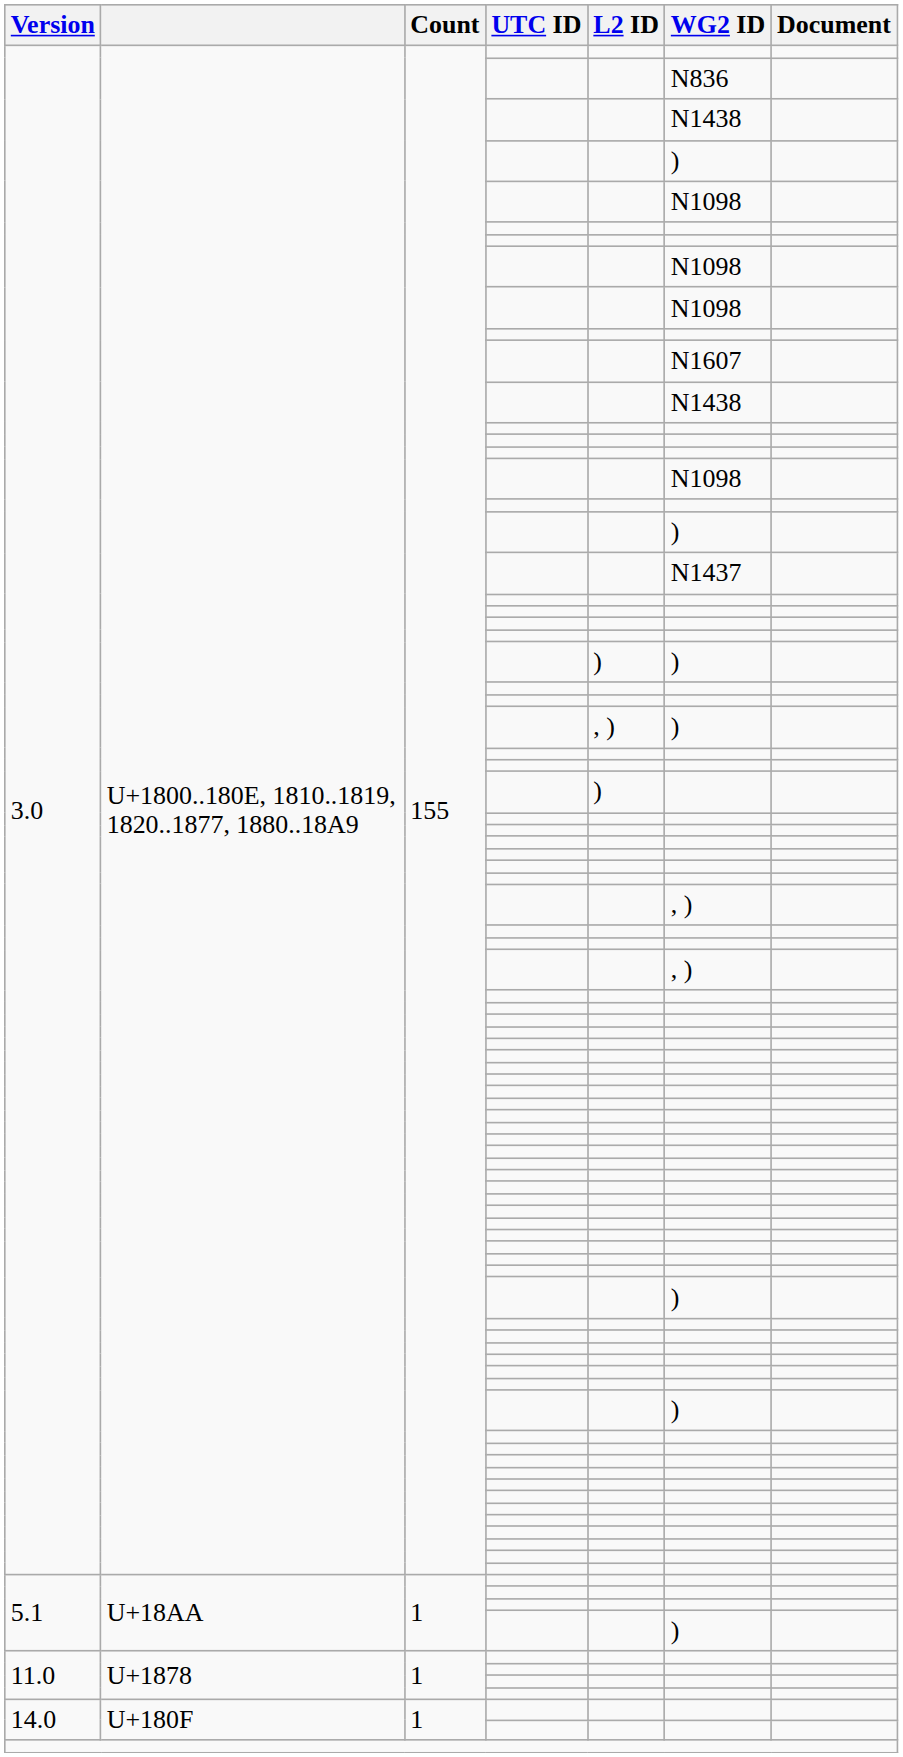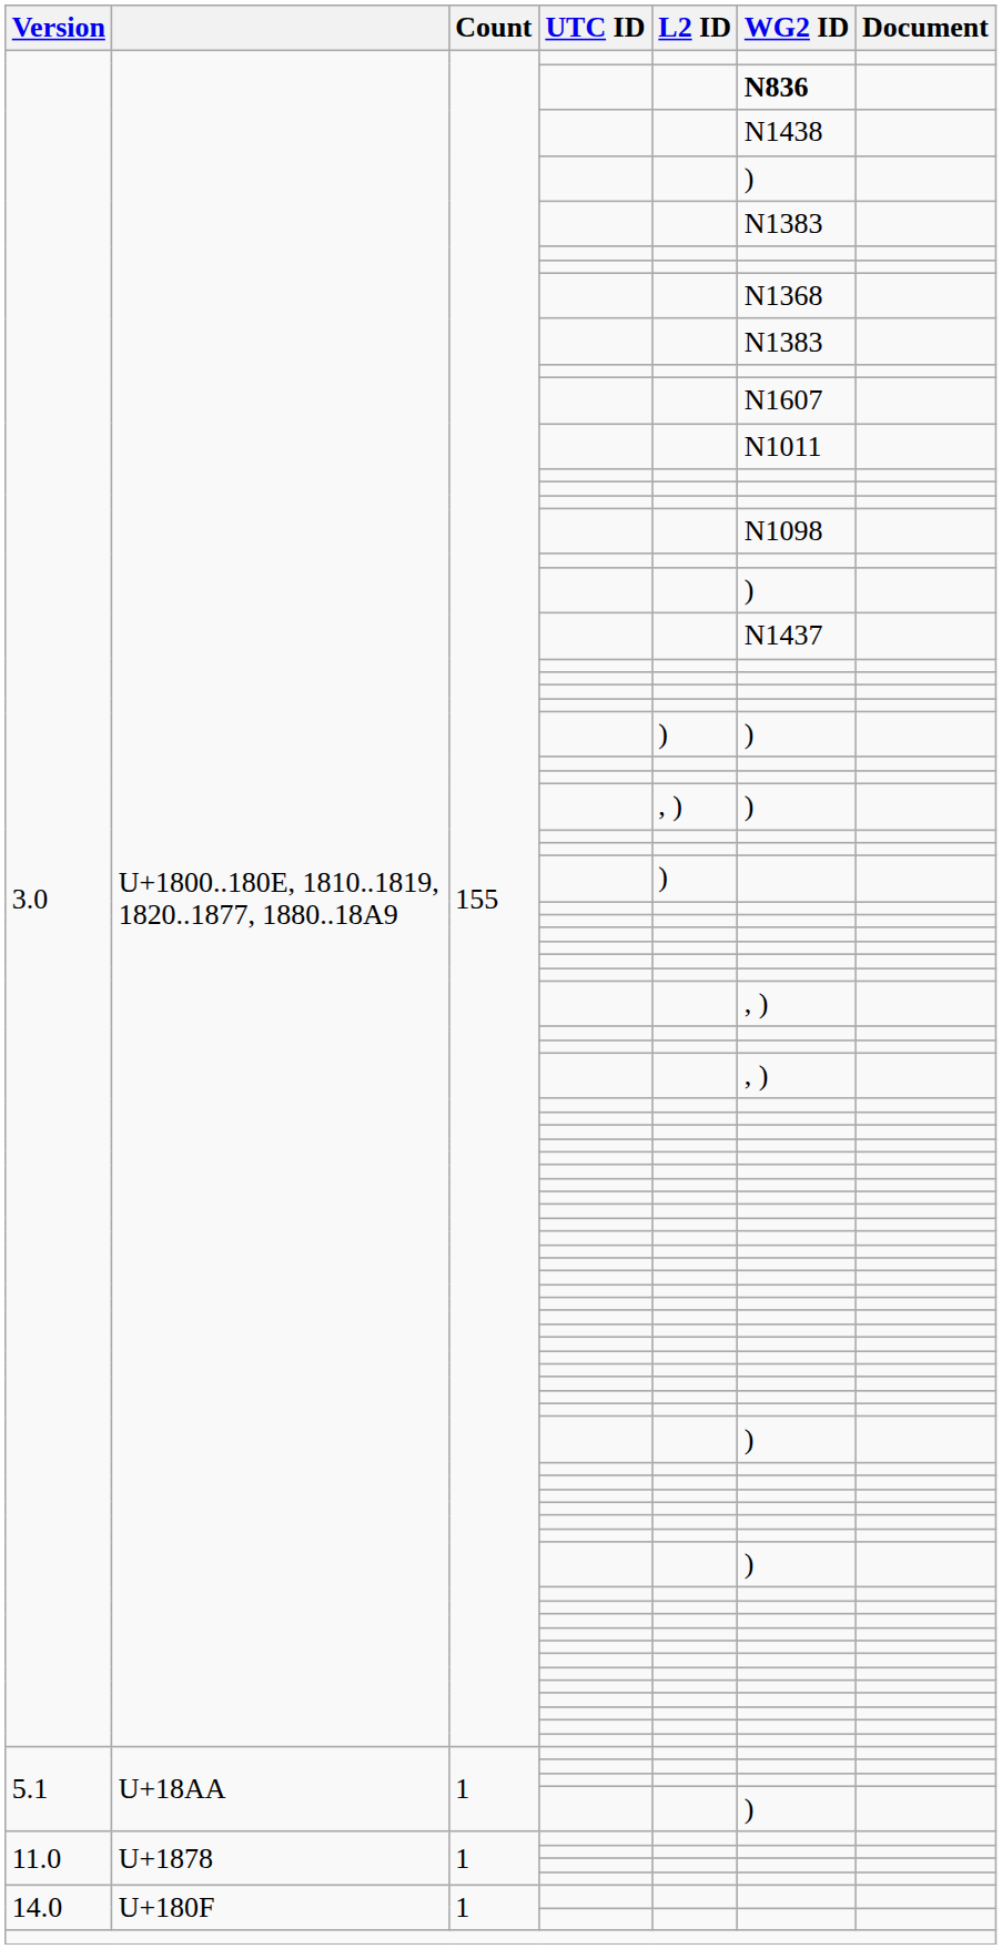 <table class="wikitable collapsible collapsed sticky-header">
 <tr>
 <th><a href='#'>Version</a></th>
 <th></th>
 <th>Count</th>
 <th><a href='#'>UTC</a> ID</th>
 <th><a href='#'>L2</a> ID</th>
 <th><a href='#'>WG2</a> ID</th>
 <th>Document</th>
 </tr>
 <tr>
 <td rowspan="84">3.0</td>
 <td rowspan="84" width="180">U+1800..180E, 1810..1819, 1820..1877, 1880..18A9</td>
 <td rowspan="84">155</td>
 <td></td>
 <td></td>
 <td></td>
 <td></td>
 </tr>
 <tr>
 <td></td>
 <td></td>
-<td>N836</td>
+<td><strong>N836</strong></td>
 <td></td>
 </tr>
 <tr>
 <td></td>
 <td></td>
 <td>N1438</td>
 <td></td>
 </tr>
 <tr>
 <td></td>
 <td></td>
 <td> )</td>
 <td></td>
 </tr>
 <tr>
 <td></td>
 <td></td>
-<td>N1098</td>
+<td>N1383</td>
 <td></td>
 </tr>
 <tr>
 <td></td>
 <td></td>
 <td></td>
 <td></td>
 </tr>
 <tr>
 <td></td>
 <td></td>
 <td></td>
 <td></td>
 </tr>
 <tr>
 <td></td>
 <td></td>
-<td>N1098</td>
+<td>N1368</td>
 <td></td>
 </tr>
 <tr>
 <td></td>
 <td></td>
-<td>N1098</td>
+<td>N1383</td>
 <td></td>
 </tr>
 <tr>
 <td></td>
 <td></td>
 <td></td>
 <td></td>
 </tr>
 <tr>
 <td></td>
 <td></td>
 <td>N1607</td>
 <td></td>
 </tr>
 <tr>
 <td></td>
 <td></td>
-<td>N1438</td>
+<td>N1011</td>
 <td></td>
 </tr>
 <tr>
 <td></td>
 <td></td>
 <td></td>
 <td></td>
 </tr>
 <tr>
 <td></td>
 <td></td>
 <td></td>
 <td></td>
 </tr>
 <tr>
 <td></td>
 <td></td>
 <td></td>
 <td></td>
 </tr>
 <tr>
 <td></td>
 <td></td>
 <td>N1098</td>
 <td></td>
 </tr>
 <tr>
 <td></td>
 <td></td>
 <td></td>
 <td></td>
 </tr>
 <tr>
 <td></td>
 <td></td>
 <td> )</td>
 <td></td>
 </tr>
 <tr>
 <td></td>
 <td></td>
 <td>N1437</td>
 <td></td>
 </tr>
 <tr>
 <td></td>
 <td></td>
 <td></td>
 <td></td>
 </tr>
 <tr>
 <td></td>
 <td></td>
 <td></td>
 <td></td>
 </tr>
 <tr>
 <td></td>
 <td></td>
 <td></td>
 <td></td>
 </tr>
 <tr>
 <td></td>
 <td></td>
 <td></td>
 <td></td>
 </tr>
 <tr>
 <td></td>
 <td> )</td>
 <td> )</td>
 <td></td>
 </tr>
 <tr>
 <td></td>
 <td></td>
 <td></td>
 <td></td>
 </tr>
 <tr>
 <td></td>
 <td></td>
 <td></td>
 <td></td>
 </tr>
 <tr>
 <td></td>
 <td> , )</td>
 <td> )</td>
 <td></td>
 </tr>
 <tr>
 <td></td>
 <td></td>
 <td></td>
 <td></td>
 </tr>
 <tr>
 <td></td>
 <td></td>
 <td></td>
 <td></td>
 </tr>
 <tr>
 <td></td>
 <td> )</td>
 <td></td>
 <td></td>
 </tr>
 <tr>
 <td></td>
 <td></td>
 <td></td>
 <td></td>
 </tr>
 <tr>
 <td></td>
 <td></td>
 <td></td>
 <td></td>
 </tr>
 <tr>
 <td></td>
 <td></td>
 <td></td>
 <td></td>
 </tr>
 <tr>
 <td></td>
 <td></td>
 <td></td>
 <td></td>
 </tr>
 <tr>
 <td></td>
 <td></td>
 <td></td>
 <td></td>
 </tr>
 <tr>
 <td></td>
 <td></td>
 <td></td>
 <td></td>
 </tr>
 <tr>
 <td></td>
 <td></td>
 <td> , )</td>
 <td></td>
 </tr>
 <tr>
 <td></td>
 <td></td>
 <td></td>
 <td></td>
 </tr>
 <tr>
 <td></td>
 <td></td>
 <td></td>
 <td></td>
 </tr>
 <tr>
 <td></td>
 <td></td>
 <td> , )</td>
 <td></td>
 </tr>
 <tr>
 <td></td>
 <td></td>
 <td></td>
 <td></td>
 </tr>
 <tr>
 <td></td>
 <td></td>
 <td></td>
 <td></td>
 </tr>
 <tr>
 <td></td>
 <td></td>
 <td></td>
 <td></td>
 </tr>
 <tr>
 <td></td>
 <td></td>
 <td></td>
 <td></td>
 </tr>
 <tr>
 <td></td>
 <td></td>
 <td></td>
 <td></td>
 </tr>
 <tr>
 <td></td>
 <td></td>
 <td></td>
 <td></td>
 </tr>
 <tr>
 <td></td>
 <td></td>
 <td></td>
 <td></td>
 </tr>
 <tr>
 <td></td>
 <td></td>
 <td></td>
 <td></td>
 </tr>
 <tr>
 <td></td>
 <td></td>
 <td></td>
 <td></td>
 </tr>
 <tr>
 <td></td>
 <td></td>
 <td></td>
 <td></td>
 </tr>
 <tr>
 <td></td>
 <td></td>
 <td></td>
 <td></td>
 </tr>
 <tr>
 <td></td>
 <td></td>
 <td></td>
 <td></td>
 </tr>
 <tr>
 <td></td>
 <td></td>
 <td></td>
 <td></td>
 </tr>
 <tr>
 <td></td>
 <td></td>
 <td></td>
 <td></td>
 </tr>
 <tr>
 <td></td>
 <td></td>
 <td></td>
 <td></td>
 </tr>
 <tr>
 <td></td>
 <td></td>
 <td></td>
 <td></td>
 </tr>
 <tr>
 <td></td>
 <td></td>
 <td></td>
 <td></td>
 </tr>
 <tr>
 <td></td>
 <td></td>
 <td></td>
 <td></td>
 </tr>
 <tr>
 <td></td>
 <td></td>
 <td></td>
 <td></td>
 </tr>
 <tr>
 <td></td>
 <td></td>
 <td></td>
 <td></td>
 </tr>
 <tr>
 <td></td>
 <td></td>
 <td></td>
 <td></td>
 </tr>
 <tr>
 <td></td>
 <td></td>
 <td></td>
 <td></td>
 </tr>
 <tr>
 <td></td>
 <td></td>
 <td></td>
 <td></td>
 </tr>
 <tr>
 <td></td>
 <td></td>
 <td></td>
 <td></td>
 </tr>
 <tr>
 <td></td>
 <td></td>
 <td> )</td>
 <td></td>
 </tr>
 <tr>
 <td></td>
 <td></td>
 <td></td>
 <td></td>
 </tr>
 <tr>
 <td></td>
 <td></td>
 <td></td>
 <td></td>
 </tr>
 <tr>
 <td></td>
 <td></td>
 <td></td>
 <td></td>
 </tr>
 <tr>
 <td></td>
 <td></td>
 <td></td>
 <td></td>
 </tr>
 <tr>
 <td></td>
 <td></td>
 <td></td>
 <td></td>
 </tr>
 <tr>
 <td></td>
 <td></td>
 <td></td>
 <td></td>
 </tr>
 <tr>
 <td></td>
 <td></td>
 <td> )</td>
 <td></td>
 </tr>
 <tr>
 <td></td>
 <td></td>
 <td></td>
 <td></td>
 </tr>
 <tr>
 <td></td>
 <td></td>
 <td></td>
 <td></td>
 </tr>
 <tr>
 <td></td>
 <td></td>
 <td></td>
 <td></td>
 </tr>
 <tr>
 <td></td>
 <td></td>
 <td></td>
 <td></td>
 </tr>
 <tr>
 <td></td>
 <td></td>
 <td></td>
 <td></td>
 </tr>
 <tr>
 <td></td>
 <td></td>
 <td></td>
 <td></td>
 </tr>
 <tr>
 <td></td>
 <td></td>
 <td></td>
 <td></td>
 </tr>
 <tr>
 <td></td>
 <td></td>
 <td></td>
 <td></td>
 </tr>
 <tr>
 <td></td>
 <td></td>
 <td></td>
 <td></td>
 </tr>
 <tr>
 <td></td>
 <td></td>
 <td></td>
 <td></td>
 </tr>
 <tr>
 <td></td>
 <td></td>
 <td></td>
 <td></td>
 </tr>
 <tr>
 <td></td>
 <td></td>
 <td></td>
 <td></td>
 </tr>
 <tr>
 <td rowspan="4">5.1</td>
 <td rowspan="4">U+18AA</td>
 <td rowspan="4">1</td>
 <td></td>
 <td></td>
 <td></td>
 <td></td>
 </tr>
 <tr>
 <td></td>
 <td></td>
 <td></td>
 <td></td>
 </tr>
 <tr>
 <td></td>
 <td></td>
 <td></td>
 <td></td>
 </tr>
 <tr>
 <td></td>
 <td></td>
 <td> )</td>
 <td></td>
 </tr>
 <tr>
 <td rowspan="4">11.0</td>
 <td rowspan="4">U+1878</td>
 <td rowspan="4">1</td>
 <td></td>
 <td></td>
 <td></td>
 <td></td>
 </tr>
 <tr>
 <td></td>
 <td></td>
 <td></td>
 <td></td>
 </tr>
 <tr>
 <td></td>
 <td></td>
 <td></td>
 <td></td>
 </tr>
 <tr>
 <td></td>
 <td></td>
 <td></td>
 <td></td>
 </tr>
 <tr>
 <td rowspan="2">14.0</td>
 <td rowspan="2">U+180F</td>
 <td rowspan="2">1</td>
 <td></td>
 <td></td>
 <td></td>
 <td></td>
 </tr>
 <tr>
 <td></td>
 <td></td>
 <td></td>
 <td></td>
 </tr>
 <tr class="sortbottom">
 <td colspan="7"></td>
 </tr>
 </table>
